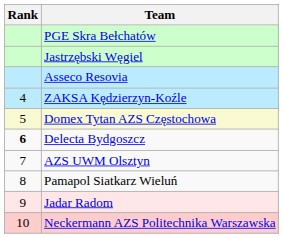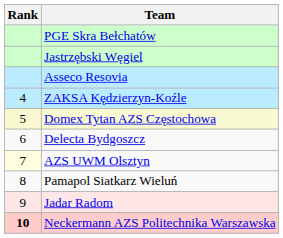 <table class="wikitable" style="white-space: nowrap; width:25%;">
 <tr>
 <th width=15%>Rank</th>
 <th>Team</th>
 </tr>
 <tr bgcolor=#CCFFCC>
 <td style="text-align:center;"></td>
 <td><a href='#'>PGE Skra Bełchatów</a></td>
 </tr>
 <tr bgcolor=#CCFFCC>
 <td style="text-align:center;"></td>
 <td><a href='#'>Jastrzębski Węgiel</a></td>
 </tr>
 <tr bgcolor=#BBEBFF>
 <td style="text-align:center;"></td>
 <td><a href='#'>Asseco Resovia</a></td>
 </tr>
 <tr bgcolor=#BBEBFF>
 <td style="text-align:center;">4</td>
 <td><a href='#'>ZAKSA Kędzierzyn-Koźle</a></td>
 </tr>
 <tr bgcolor=#FAFAD2>
 <td style="text-align:center;">5</td>
 <td><a href='#'>Domex Tytan AZS Częstochowa</a></td>
 </tr>
 <tr>
-<td style="text-align:center;"><strong>6</strong></td>
+<td style="text-align:center;">6</td>
 <td><a href='#'>Delecta Bydgoszcz</a></td>
 </tr>
 <tr>
-<td style="text-align:center;">7</td>
+<td style="background: lightyellow; text-align:center;">7</td>
 <td><a href='#'>AZS UWM Olsztyn</a></td>
 </tr>
 <tr>
 <td style="text-align:center;">8</td>
 <td>Pamapol Siatkarz Wieluń</td>
 </tr>
 <tr bgcolor=#FFE7E7>
 <td style="text-align:center;">9</td>
 <td><a href='#'>Jadar Radom</a></td>
 </tr>
 <tr bgcolor=#FFCCCC>
-<td style="text-align:center;">10</td>
+<td style="text-align:center;"><strong>10</strong></td>
 <td><a href='#'>Neckermann AZS Politechnika Warszawska</a></td>
 </tr>
 </table>
